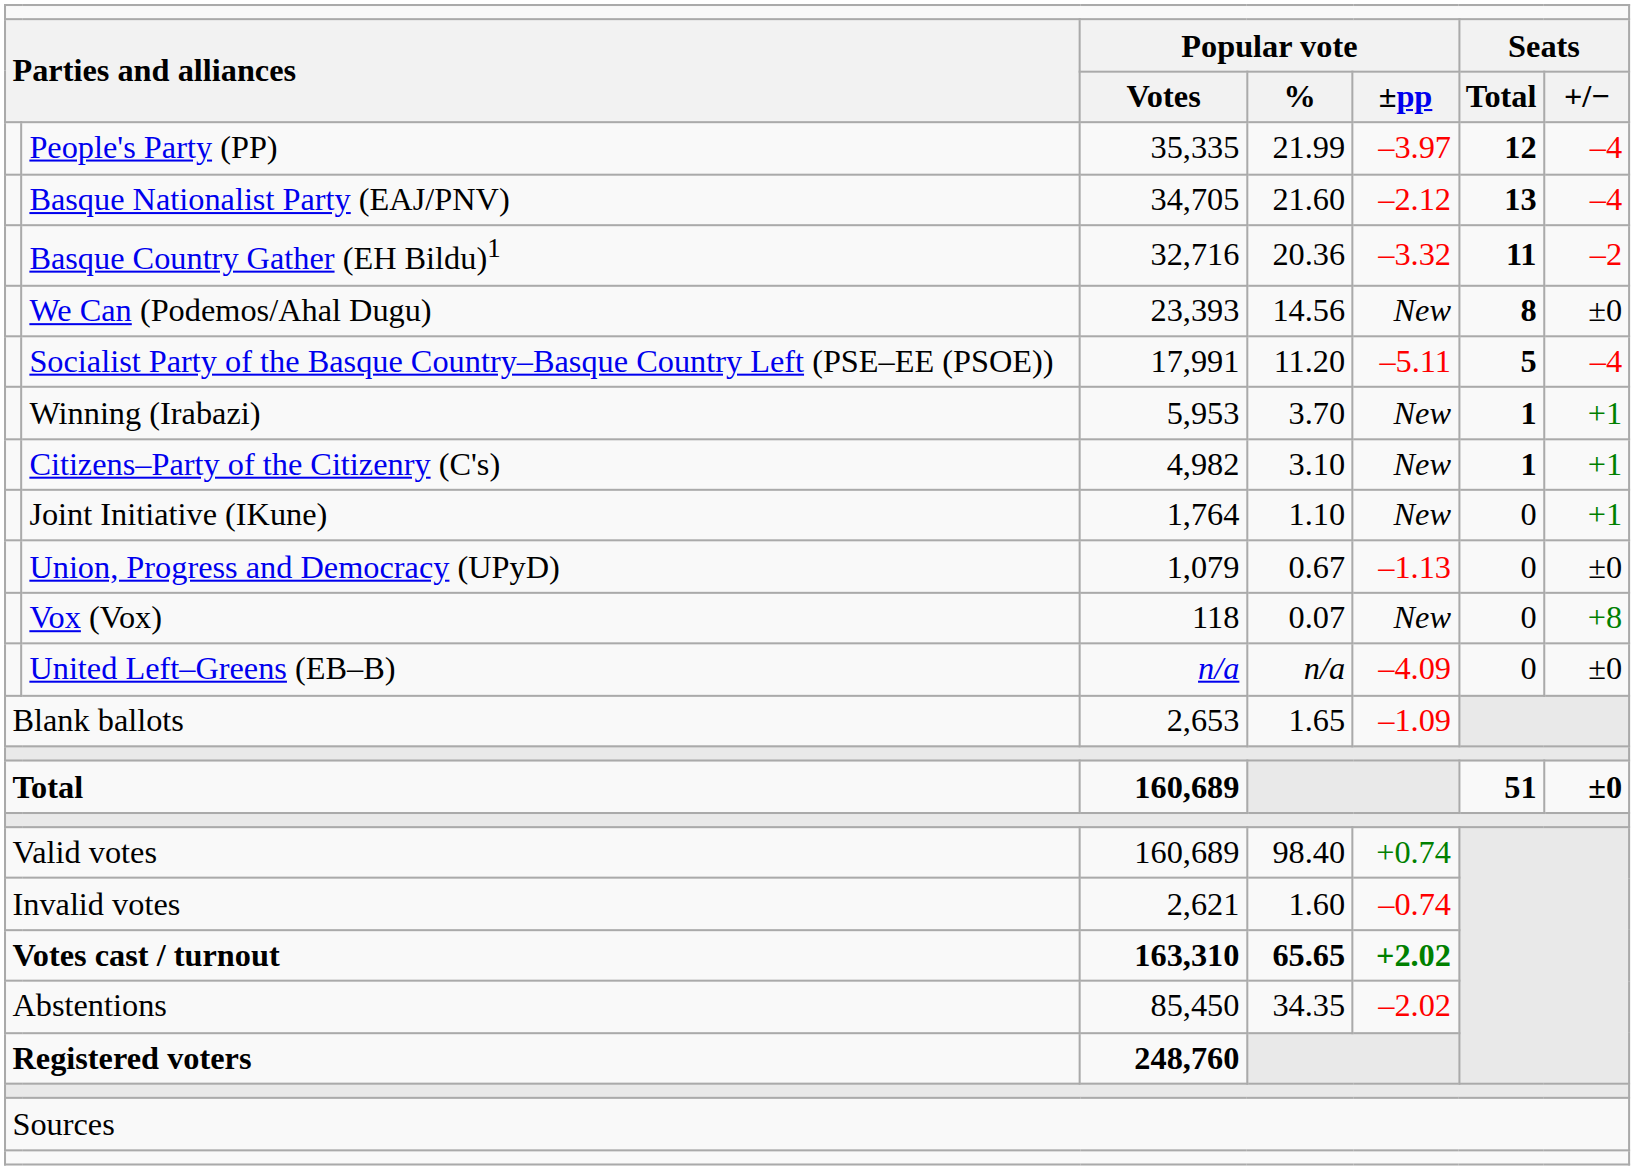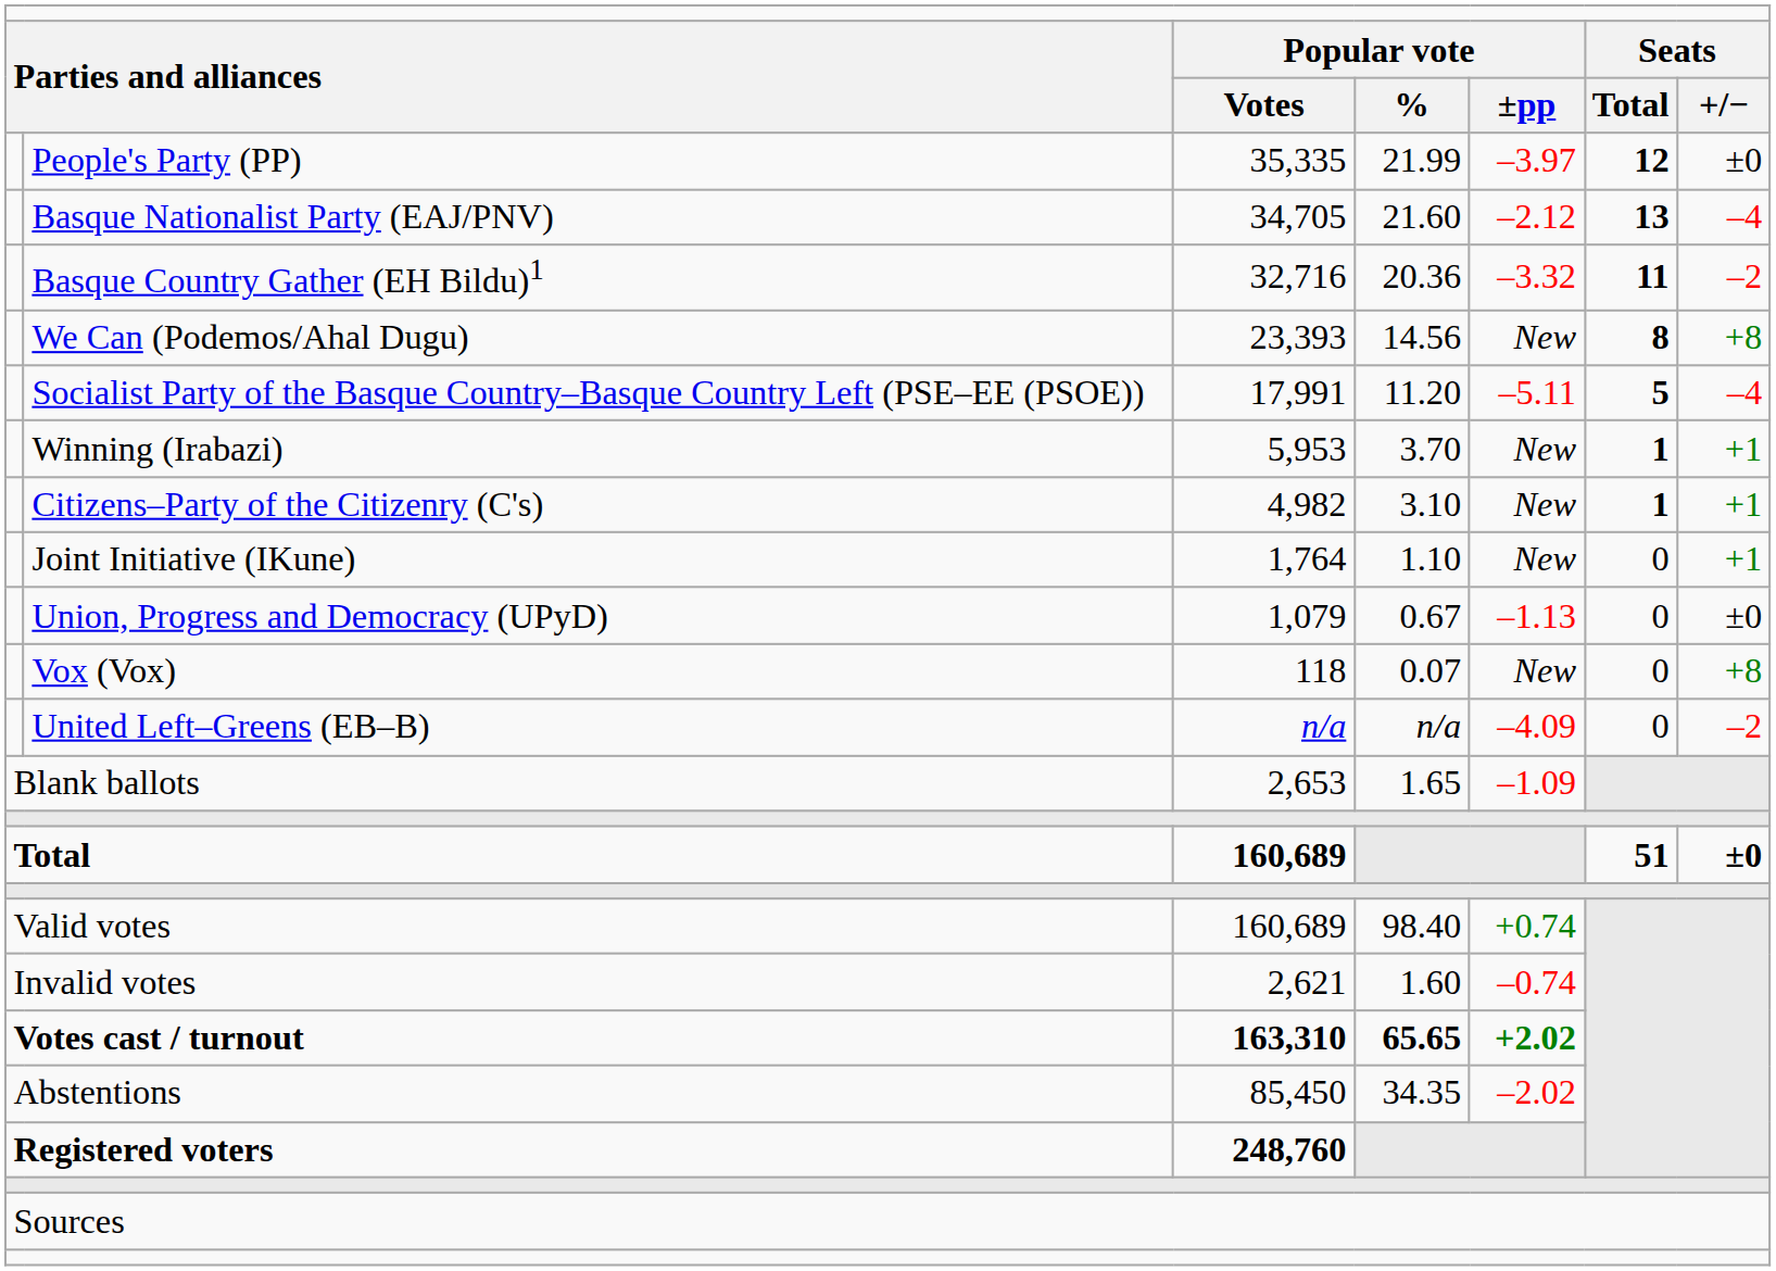 <table class="wikitable" style="text-align:right;">
 <tr>
 <td colspan="7"></td>
 </tr>
 <tr>
 <th style="text-align:left;" rowspan="2" colspan="2" width="525">Parties and alliances</th>
 <th colspan="3">Popular vote</th>
 <th colspan="2">Seats</th>
 </tr>
 <tr>
 <th width="75">Votes</th>
 <th width="45">%</th>
 <th width="45">±<a href='#'>pp</a></th>
 <th width="35">Total</th>
 <th width="35">+/−</th>
 </tr>
 <tr>
 <td width="1" style="color:inherit;background:"></td>
 <td align="left"><a href='#'>People's Party</a> (PP)</td>
 <td>35,335</td>
 <td>21.99</td>
 <td style="color:red;">–3.97</td>
 <td><strong>12</strong></td>
-<td style="color:red;">–4</td>
+<td>±0</td>
 </tr>
 <tr>
 <td style="color:inherit;background:"></td>
 <td align="left"><a href='#'>Basque Nationalist Party</a> (EAJ/PNV)</td>
 <td>34,705</td>
 <td>21.60</td>
 <td style="color:red;">–2.12</td>
 <td><strong>13</strong></td>
 <td style="color:red;">–4</td>
 </tr>
 <tr>
 <td style="color:inherit;background:"></td>
 <td align="left"><a href='#'>Basque Country Gather</a> (EH Bildu)<sup>1</sup></td>
 <td>32,716</td>
 <td>20.36</td>
 <td style="color:red;">–3.32</td>
 <td><strong>11</strong></td>
 <td style="color:red;">–2</td>
 </tr>
 <tr>
 <td style="color:inherit;background:"></td>
 <td align="left"><a href='#'>We Can</a> (Podemos/Ahal Dugu)</td>
 <td>23,393</td>
 <td>14.56</td>
 <td><em>New</em></td>
 <td><strong>8</strong></td>
-<td>±0</td>
+<td style="color:green;">+8</td>
 </tr>
 <tr>
 <td style="color:inherit;background:"></td>
 <td align="left"><a href='#'>Socialist Party of the Basque Country–Basque Country Left</a> (PSE–EE (PSOE))</td>
 <td>17,991</td>
 <td>11.20</td>
 <td style="color:red;">–5.11</td>
 <td><strong>5</strong></td>
 <td style="color:red;">–4</td>
 </tr>
 <tr>
 <td style="color:inherit;background:"></td>
 <td align="left">Winning (Irabazi)</td>
 <td>5,953</td>
 <td>3.70</td>
 <td><em>New</em></td>
 <td><strong>1</strong></td>
 <td style="color:green;">+1</td>
 </tr>
 <tr>
 <td style="color:inherit;background:"></td>
 <td align="left"><a href='#'>Citizens–Party of the Citizenry</a> (C's)</td>
 <td>4,982</td>
 <td>3.10</td>
 <td><em>New</em></td>
 <td><strong>1</strong></td>
 <td style="color:green;">+1</td>
 </tr>
 <tr>
 <td style="color:inherit;background:"></td>
 <td align="left">Joint Initiative (IKune)</td>
 <td>1,764</td>
 <td>1.10</td>
 <td><em>New</em></td>
 <td>0</td>
 <td style="color:green;">+1</td>
 </tr>
 <tr>
 <td style="color:inherit;background:"></td>
 <td align="left"><a href='#'>Union, Progress and Democracy</a> (UPyD)</td>
 <td>1,079</td>
 <td>0.67</td>
 <td style="color:red;">–1.13</td>
 <td>0</td>
 <td>±0</td>
 </tr>
 <tr>
 <td style="color:inherit;background:"></td>
 <td align="left"><a href='#'>Vox</a> (Vox)</td>
 <td>118</td>
 <td>0.07</td>
 <td><em>New</em></td>
 <td>0</td>
 <td style="color:green;">+8</td>
 </tr>
 <tr>
 <td style="color:inherit;background:"></td>
 <td align="left"><a href='#'>United Left–Greens</a> (EB–B)</td>
 <td><em><a href='#'>n/a</a></em></td>
 <td><em>n/a</em></td>
 <td style="color:red;">–4.09</td>
 <td>0</td>
-<td>±0</td>
+<td style="color:red;">–2</td>
 </tr>
 <tr>
 <td align="left" colspan="2">Blank ballots</td>
 <td>2,653</td>
 <td>1.65</td>
 <td style="color:red;">–1.09</td>
 <td bgcolor="#E9E9E9" colspan="2"></td>
 </tr>
 <tr>
 <td colspan="7" bgcolor="#E9E9E9"></td>
 </tr>
 <tr style="font-weight:bold;">
 <td align="left" colspan="2">Total</td>
 <td>160,689</td>
 <td bgcolor="#E9E9E9" colspan="2"></td>
 <td>51</td>
 <td>±0</td>
 </tr>
 <tr>
 <td colspan="7" bgcolor="#E9E9E9"></td>
 </tr>
 <tr>
 <td align="left" colspan="2">Valid votes</td>
 <td>160,689</td>
 <td>98.40</td>
 <td style="color:green;">+0.74</td>
 <td bgcolor="#E9E9E9" colspan="2" rowspan="5"></td>
 </tr>
 <tr>
 <td align="left" colspan="2">Invalid votes</td>
 <td>2,621</td>
 <td>1.60</td>
 <td style="color:red;">–0.74</td>
 </tr>
 <tr style="font-weight:bold;">
 <td align="left" colspan="2">Votes cast / turnout</td>
 <td>163,310</td>
 <td>65.65</td>
 <td style="color:green;">+2.02</td>
 </tr>
 <tr>
 <td align="left" colspan="2">Abstentions</td>
 <td>85,450</td>
 <td>34.35</td>
 <td style="color:red;">–2.02</td>
 </tr>
 <tr style="font-weight:bold;">
 <td align="left" colspan="2">Registered voters</td>
 <td>248,760</td>
 <td bgcolor="#E9E9E9" colspan="2"></td>
 </tr>
 <tr>
 <td colspan="7" bgcolor="#E9E9E9"></td>
 </tr>
 <tr>
 <td align="left" colspan="7">Sources</td>
 </tr>
 <tr>
 <td colspan="7" style="text-align:left; max-width:790px;"></td>
 </tr>
 </table>
